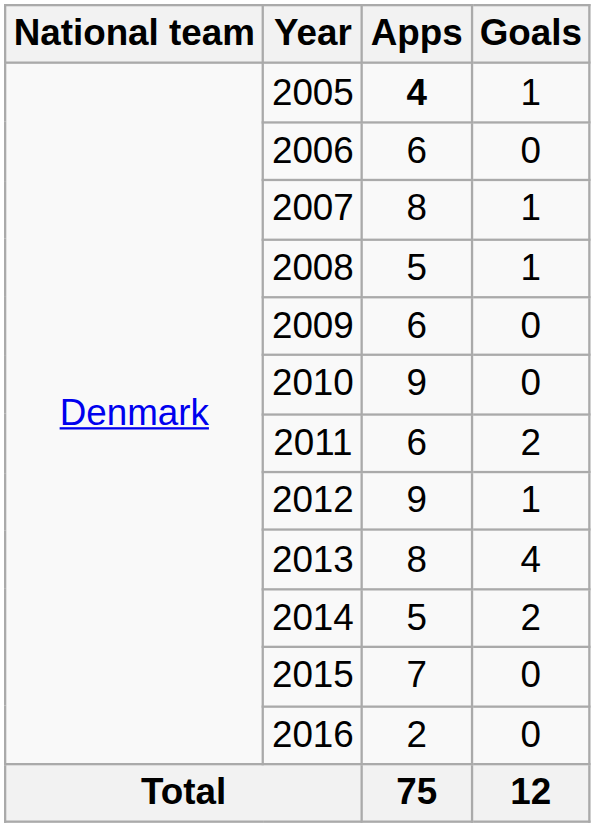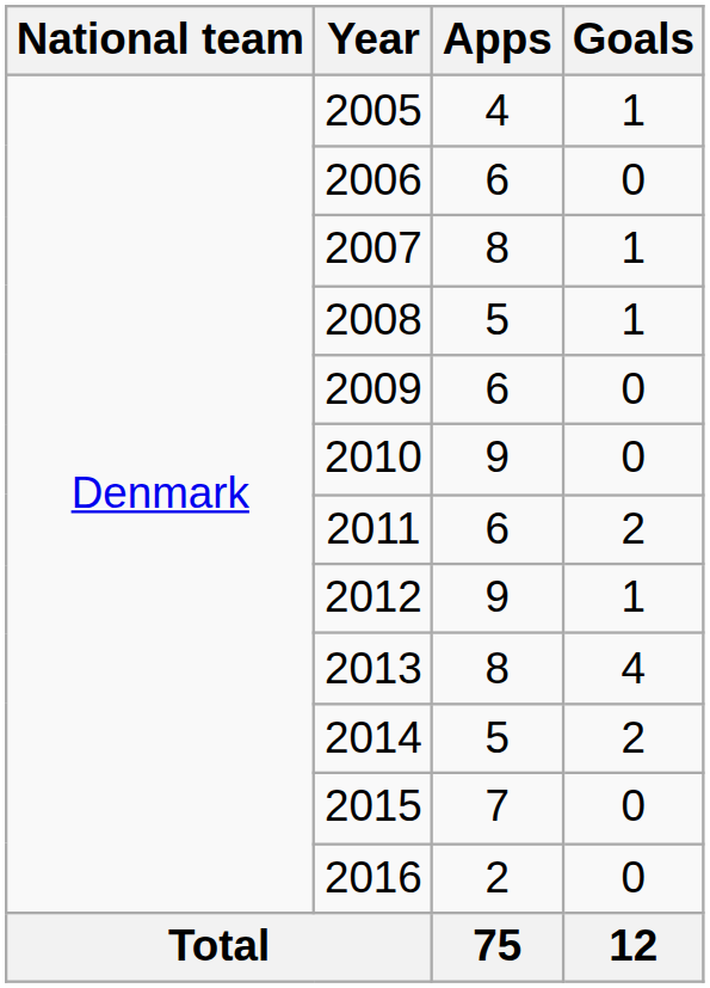 <table class="wikitable" style="text-align:center">
 <tr>
 <th>National team</th>
 <th>Year</th>
 <th>Apps</th>
 <th>Goals</th>
 </tr>
 <tr>
 <td rowspan="12"><a href='#'>Denmark</a></td>
 <td>2005</td>
-<td><strong>4</strong></td>
+<td>4</td>
 <td>1</td>
 </tr>
 <tr>
 <td>2006</td>
 <td>6</td>
 <td>0</td>
 </tr>
 <tr>
 <td>2007</td>
 <td>8</td>
 <td>1</td>
 </tr>
 <tr>
 <td>2008</td>
 <td>5</td>
 <td>1</td>
 </tr>
 <tr>
 <td>2009</td>
 <td>6</td>
 <td>0</td>
 </tr>
 <tr>
 <td>2010</td>
 <td>9</td>
 <td>0</td>
 </tr>
 <tr>
 <td>2011</td>
 <td>6</td>
 <td>2</td>
 </tr>
 <tr>
 <td>2012</td>
 <td>9</td>
 <td>1</td>
 </tr>
 <tr>
 <td>2013</td>
 <td>8</td>
 <td>4</td>
 </tr>
 <tr>
 <td>2014</td>
 <td>5</td>
 <td>2</td>
 </tr>
 <tr>
 <td>2015</td>
 <td>7</td>
 <td>0</td>
 </tr>
 <tr>
 <td>2016</td>
 <td>2</td>
 <td>0</td>
 </tr>
 <tr>
 <th colspan="2">Total</th>
 <th>75</th>
 <th>12</th>
 </tr>
 </table>
